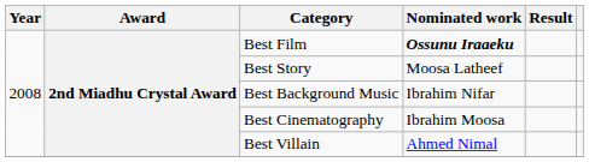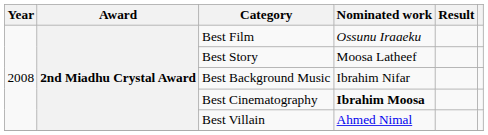 <table class="wikitable plainrowheaders sortable">
 <tr>
 <th scope="col">Year</th>
 <th scope="col">Award</th>
 <th scope="col">Category</th>
 <th scope="col">Nominated work</th>
 <th scope="col">Result</th>
 <th scope="col" class="unsortable"></th>
 </tr>
 <tr>
 <td rowspan="5">2008</td>
 <th scope="row" rowspan="5">2nd Miadhu Crystal Award</th>
 <td>Best Film</td>
-<td><strong><em>Ossunu Iraaeku</em></strong></td>
+<td><em>Ossunu Iraaeku</em></td>
 <td></td>
 <td style="text-align:center;"></td>
 </tr>
 <tr>
 <td>Best Story</td>
 <td>Moosa Latheef</td>
 <td></td>
 <td style="text-align:center;"></td>
 </tr>
 <tr>
 <td>Best Background Music</td>
 <td>Ibrahim Nifar</td>
 <td></td>
 <td style="text-align:center;"></td>
 </tr>
 <tr>
 <td>Best Cinematography</td>
-<td>Ibrahim Moosa</td>
+<td><strong>Ibrahim Moosa</strong></td>
 <td></td>
 <td style="text-align:center;"></td>
 </tr>
 <tr>
 <td>Best Villain</td>
 <td><a href='#'>Ahmed Nimal</a></td>
 <td></td>
 <td style="text-align:center;"></td>
 </tr>
 <tr>
 </tr>
 </table>
